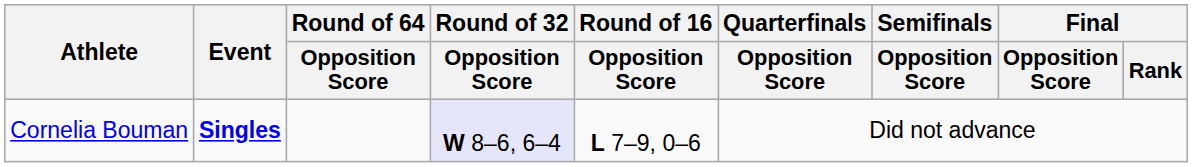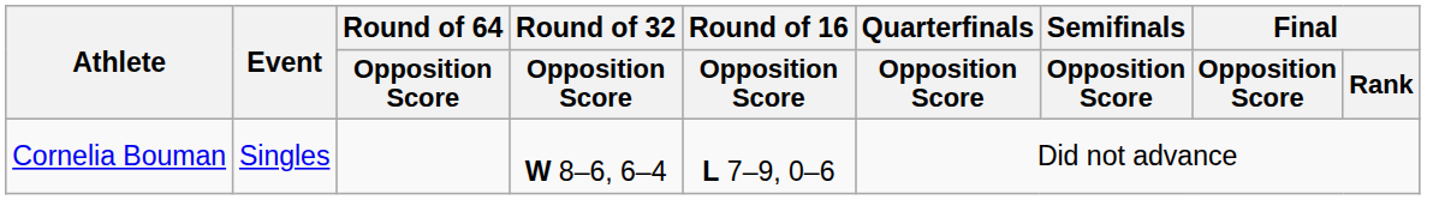 <table class=wikitable style="font-size:90%">
 <tr>
 <th rowspan=2>Athlete</th>
 <th rowspan=2>Event</th>
 <th>Round of 64</th>
 <th>Round of 32</th>
 <th>Round of 16</th>
 <th>Quarterfinals</th>
 <th>Semifinals</th>
 <th colspan=2>Final</th>
 </tr>
 <tr style="font-size:95%">
 <th>Opposition<br>Score</th>
 <th>Opposition<br>Score</th>
 <th>Opposition<br>Score</th>
 <th>Opposition<br>Score</th>
 <th>Opposition<br>Score</th>
 <th>Opposition<br>Score</th>
 <th>Rank</th>
 </tr>
 <tr align=center>
 <td align=left><a href='#'>Cornelia Bouman</a></td>
-<td align=left><strong><a href='#'>Singles</a></strong></td>
+<td align=left><a href='#'>Singles</a></td>
 <td></td>
-<td style="background: lavender;"><br> <strong>W</strong> 8–6, 6–4</td>
+<td><br> <strong>W</strong> 8–6, 6–4</td>
 <td><br> <strong>L</strong> 7–9, 0–6</td>
 <td colspan=4>Did not advance</td>
 </tr>
 </table>
